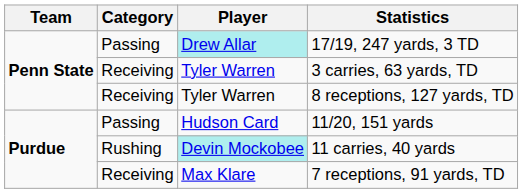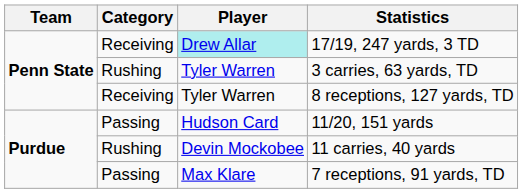 <table class="wikitable" style="float: right;">
 <tr>
 <th>Team</th>
 <th>Category</th>
 <th>Player</th>
 <th>Statistics</th>
 </tr>
 <tr>
 <td rowspan=3><strong>Penn State</strong></td>
-<td>Passing</td>
+<td>Receiving</td>
 <td style="background: paleturquoise;"><a href='#'>Drew Allar</a></td>
 <td>17/19, 247 yards, 3 TD</td>
 </tr>
 <tr>
-<td>Receiving</td>
+<td>Rushing</td>
 <td><a href='#'>Tyler Warren</a></td>
 <td>3 carries, 63 yards, TD</td>
 </tr>
 <tr>
 <td>Receiving</td>
 <td>Tyler Warren</td>
 <td>8 receptions, 127 yards, TD</td>
 </tr>
 <tr>
 <td rowspan=3><strong>Purdue</strong></td>
 <td>Passing</td>
 <td><a href='#'>Hudson Card</a></td>
 <td>11/20, 151 yards</td>
 </tr>
 <tr>
 <td>Rushing</td>
-<td style="background: paleturquoise;"><a href='#'>Devin Mockobee</a></td>
+<td><a href='#'>Devin Mockobee</a></td>
 <td>11 carries, 40 yards</td>
 </tr>
 <tr>
-<td>Receiving</td>
+<td>Passing</td>
 <td><a href='#'>Max Klare</a></td>
 <td>7 receptions, 91 yards, TD</td>
 </tr>
 </table>
